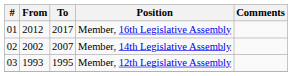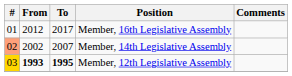 <table class="wikitable sortable">
 <tr>
 <th>#</th>
 <th>From</th>
 <th>To</th>
 <th>Position</th>
 <th>Comments</th>
 </tr>
 <tr>
 <td>01</td>
 <td>2012</td>
 <td>2017</td>
 <td>Member, <a href='#'>16th Legislative Assembly</a></td>
 <td></td>
 </tr>
 <tr>
-<td>02</td>
+<td style="background: lightsalmon;">02</td>
 <td>2002</td>
 <td>2007</td>
 <td>Member, <a href='#'>14th Legislative Assembly</a></td>
 <td></td>
 </tr>
 <tr>
-<td>03</td>
-<td>1993</td>
-<td>1995</td>
+<td style="background: gold;">03</td>
+<td><strong>1993</strong></td>
+<td><strong>1995</strong></td>
 <td>Member, <a href='#'>12th Legislative Assembly</a></td>
 <td></td>
 </tr>
 <tr>
 </tr>
 </table>
